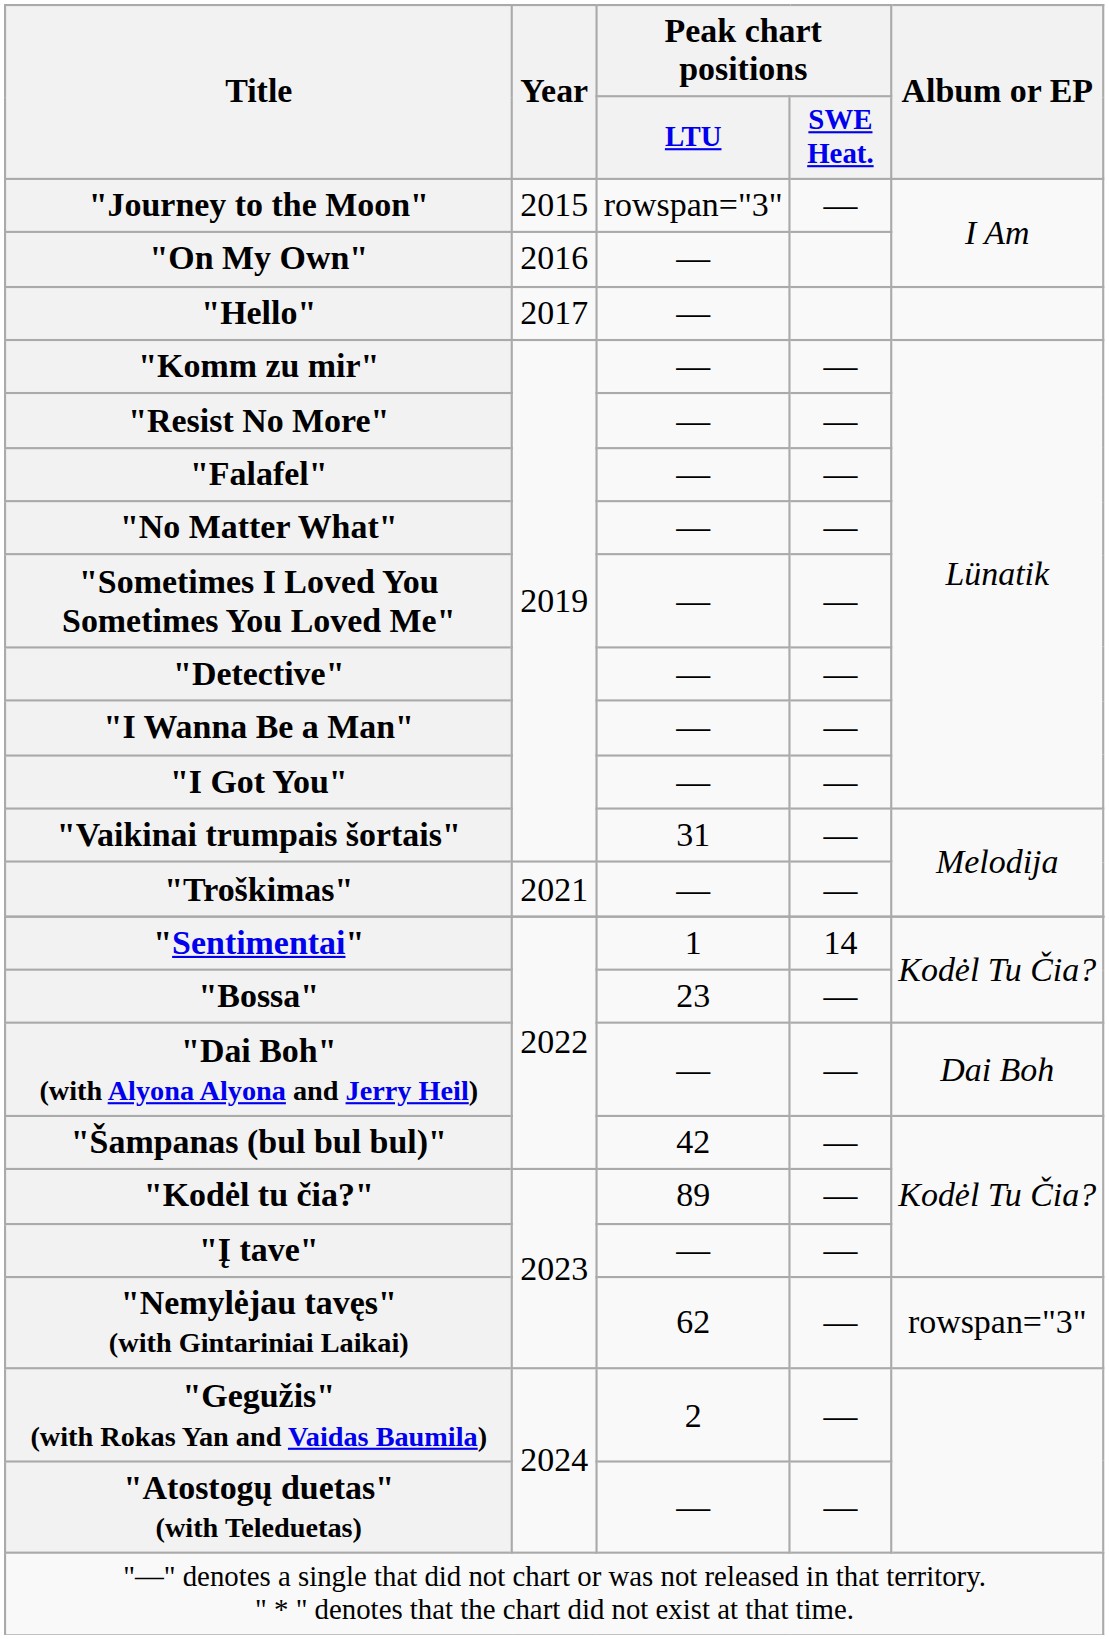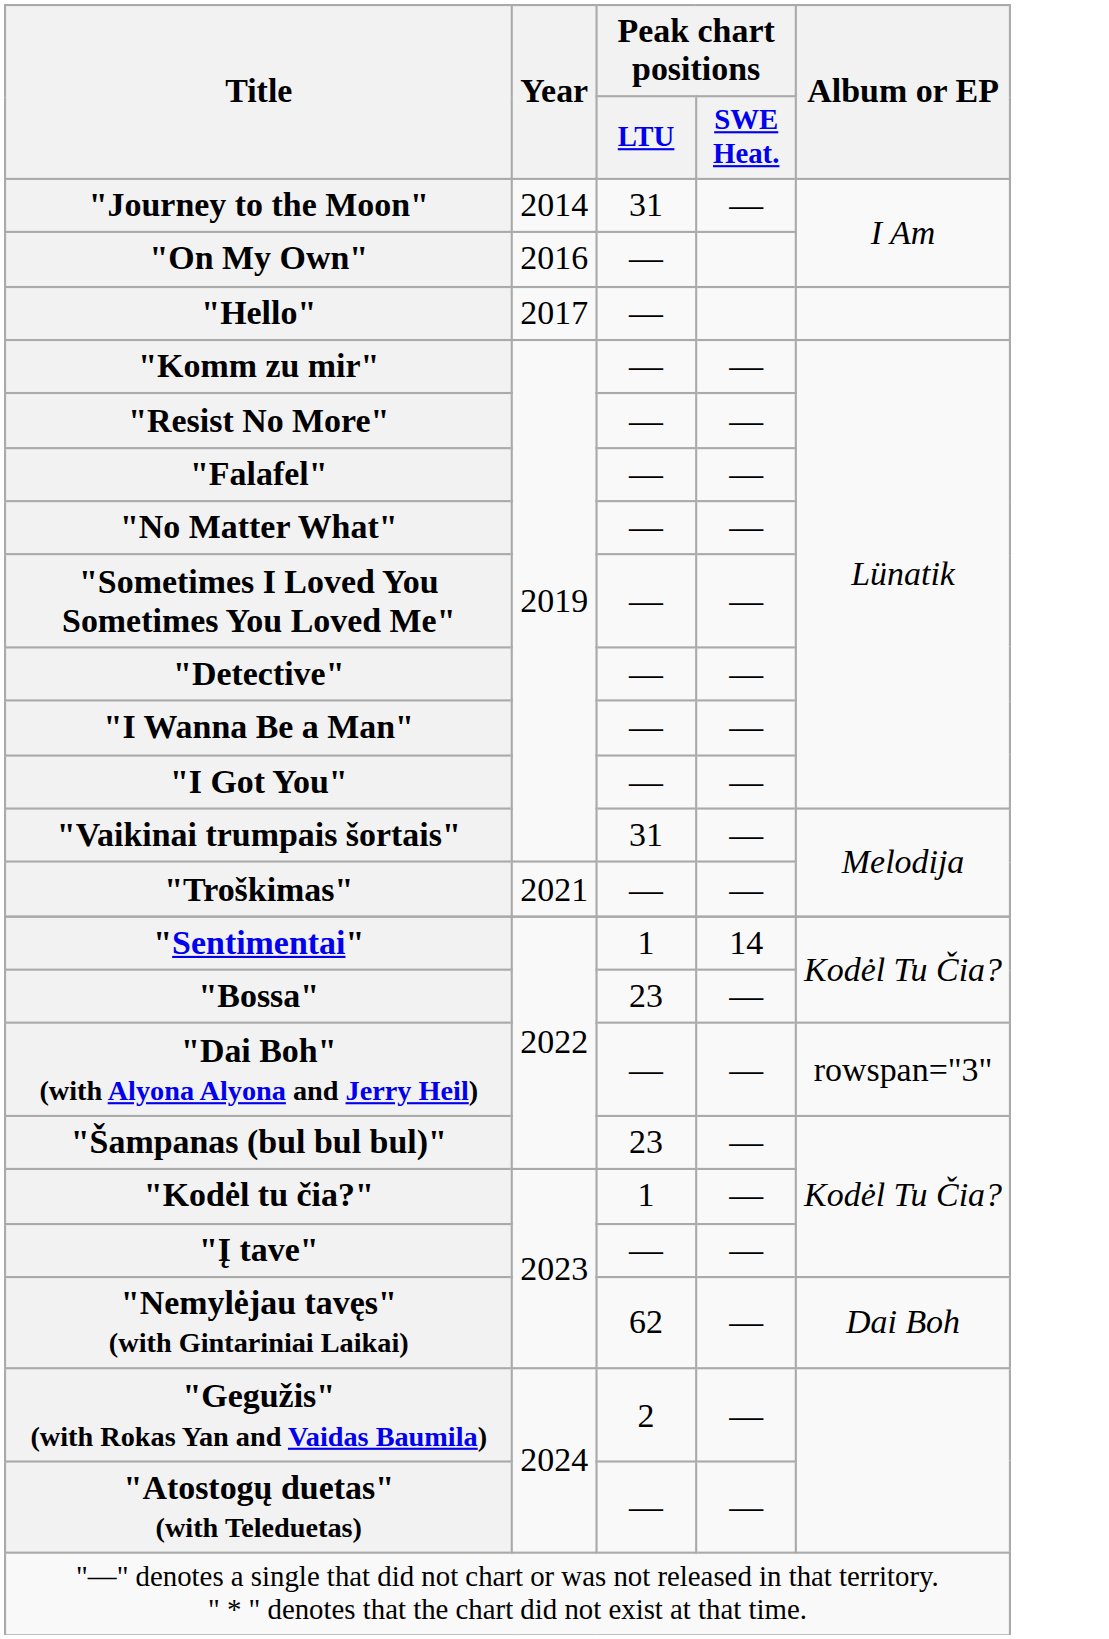 <table class="wikitable plainrowheaders" style="text-align:center;">
 <tr>
 <th scope="col" rowspan="2" style="width:14.5em;">Title</th>
 <th scope="col" rowspan="2">Year</th>
 <th scope="col" colspan="2">Peak chart positions</th>
 <th scope="col" rowspan="2">Album or EP</th>
 </tr>
 <tr>
 <th scope="col" style="width:3em;font-size:85%;"><a href='#'>LTU</a><br></th>
 <th scope="col" style="width:3em;font-size:85%;"><a href='#'>SWE<br>Heat.</a><br></th>
 </tr>
 <tr>
 <th scope="row">"Journey to the Moon"</th>
-<td>2015</td>
-<td>rowspan="3" </td>
+<td>2014</td>
+<td>31</td>
 <td>—</td>
 <td rowspan="2"><em>I Am</em></td>
 </tr>
 <tr>
 <th scope="row">"On My Own"</th>
 <td>2016</td>
 <td>—</td>
 </tr>
 <tr>
 <th scope="row">"Hello"</th>
 <td>2017</td>
 <td>—</td>
 <td></td>
 </tr>
 <tr>
 <th scope="row">"Komm zu mir"</th>
 <td rowspan="9">2019</td>
 <td>—</td>
 <td>—</td>
 <td rowspan="8"><em>Lünatik</em></td>
 </tr>
 <tr>
 <th scope="row">"Resist No More"</th>
 <td>—</td>
 <td>—</td>
 </tr>
 <tr>
 <th scope="row">"Falafel"</th>
 <td>—</td>
 <td>—</td>
 </tr>
 <tr>
 <th scope="row">"No Matter What"</th>
 <td>—</td>
 <td>—</td>
 </tr>
 <tr>
 <th scope="row">"Sometimes I Loved You Sometimes You Loved Me"</th>
 <td>—</td>
 <td>—</td>
 </tr>
 <tr>
 <th scope="row">"Detective"</th>
 <td>—</td>
 <td>—</td>
 </tr>
 <tr>
 <th scope="row">"I Wanna Be a Man"</th>
 <td>—</td>
 <td>—</td>
 </tr>
 <tr>
 <th scope="row">"I Got You"</th>
 <td>—</td>
 <td>—</td>
 </tr>
 <tr>
 <th scope="row">"Vaikinai trumpais šortais"</th>
 <td>31</td>
 <td>—</td>
 <td rowspan="2"><em>Melodija</em></td>
 </tr>
 <tr>
 <th scope="row">"Troškimas"</th>
 <td>2021</td>
 <td>—</td>
 <td>—</td>
 </tr>
 <tr>
 </tr>
 <tr>
 <th scope="row">"<a href='#'>Sentimentai</a>"</th>
 <td rowspan="4">2022</td>
 <td>1</td>
 <td>14</td>
 <td rowspan="2"><em>Kodėl Tu Čia?</em></td>
 </tr>
 <tr>
 <th scope="row">"Bossa"</th>
 <td>23</td>
 <td>—</td>
 </tr>
 <tr>
 <th scope="row">"Dai Boh"<br><small>(with <a href='#'>Alyona Alyona</a> and <a href='#'>Jerry Heil</a>)</small></th>
 <td>—</td>
 <td>—</td>
-<td><em>Dai Boh</em></td>
+<td>rowspan="3" </td>
 </tr>
 <tr>
 <th scope="row">"Šampanas (bul bul bul)"</th>
-<td>42</td>
+<td>23</td>
 <td>—</td>
 <td rowspan="3"><em>Kodėl Tu Čia?</em></td>
 </tr>
 <tr>
 <th scope="row">"Kodėl tu čia?"</th>
 <td rowspan="3">2023</td>
-<td>89</td>
+<td>1</td>
 <td>—</td>
 </tr>
 <tr>
 <th scope="row">"Į tave"</th>
 <td>—</td>
 <td>—</td>
 </tr>
 <tr>
 <th scope="row">"Nemylėjau tavęs"<br><small>(with Gintariniai Laikai)</small></th>
 <td>62</td>
 <td>—</td>
-<td>rowspan="3" </td>
+<td><em>Dai Boh</em></td>
 </tr>
 <tr>
 <th scope="row">"Gegužis"<br><small>(with Rokas Yan and <a href='#'>Vaidas Baumila</a>)</small></th>
 <td rowspan="2">2024</td>
 <td>2</td>
 <td>—</td>
 </tr>
 <tr>
 <th scope="row">"Atostogų duetas"<br><small>(with Teleduetas)</small></th>
 <td>—</td>
 <td>—</td>
 </tr>
 <tr>
 <td colspan="5" style="font-size:85%;">"—" denotes a single that did not chart or was not released in that territory.<br>" * " denotes that the chart did not exist at that time.</td>
 </tr>
 </table>
